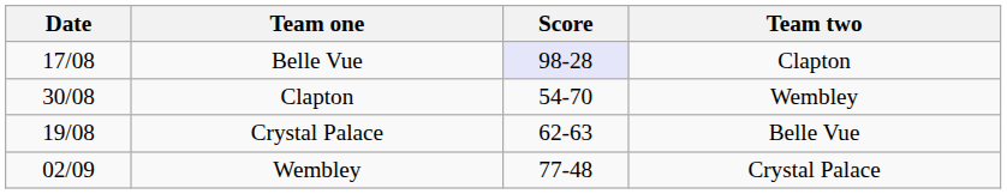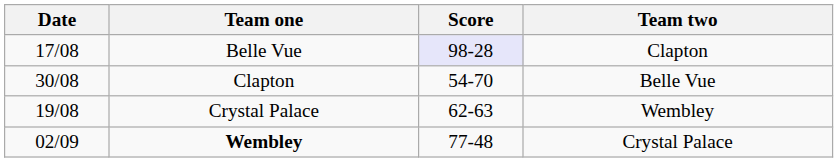 <table class="wikitable" style="text-align: center">
 <tr>
 <th width=80>Date</th>
 <th width=250>Team one</th>
 <th width=80>Score</th>
 <th width=250>Team two</th>
 </tr>
 <tr>
 <td>17/08</td>
 <td>Belle Vue</td>
 <td style="background: lavender;">98-28</td>
 <td>Clapton</td>
 </tr>
 <tr>
 <td>30/08</td>
 <td>Clapton</td>
 <td>54-70</td>
-<td>Wembley</td>
+<td>Belle Vue</td>
 </tr>
 <tr>
 <td>19/08</td>
 <td>Crystal Palace</td>
 <td>62-63</td>
-<td>Belle Vue</td>
+<td>Wembley</td>
 </tr>
 <tr>
 <td>02/09</td>
-<td>Wembley</td>
+<td><strong>Wembley</strong></td>
 <td>77-48</td>
 <td>Crystal Palace</td>
 </tr>
 </table>
